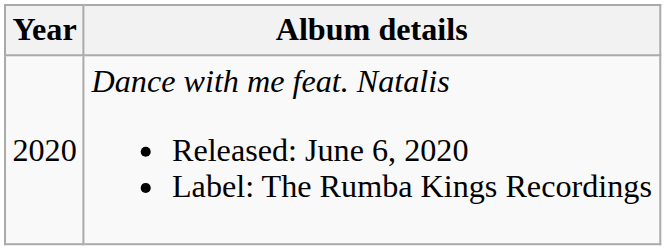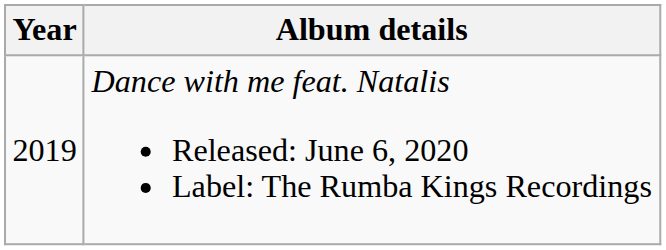 <table class="wikitable">
 <tr>
 <th>Year</th>
 <th>Album details</th>
 </tr>
 <tr>
-<td>2020</td>
+<td>2019</td>
 <td><em>Dance with me feat. Natalis</em><br><ul><li>Released: June 6, 2020</li><li>Label: The Rumba Kings Recordings</li></ul></td>
 </tr>
 </table>
